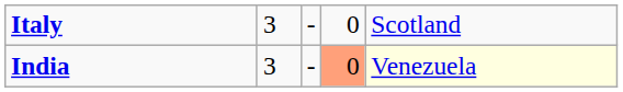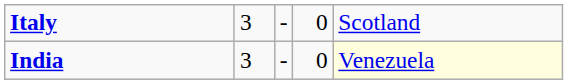 <table class="wikitable">
 <tr>
 <td width=150> <strong><a href='#'>Italy</a></strong></td>
 <td style="width:20px; text-align:left;">3</td>
 <td>-</td>
 <td style="width:20px; text-align:right;">0</td>
 <td width=150> <a href='#'>Scotland</a></td>
 </tr>
 <tr>
 <td> <strong><a href='#'>India</a></strong></td>
 <td style="text-align:left;">3</td>
 <td>-</td>
-<td style="background: lightsalmon; text-align:right;">0</td>
+<td style="text-align:right;">0</td>
 <td style="background: lightyellow;"> <a href='#'>Venezuela</a></td>
 </tr>
 </table>
